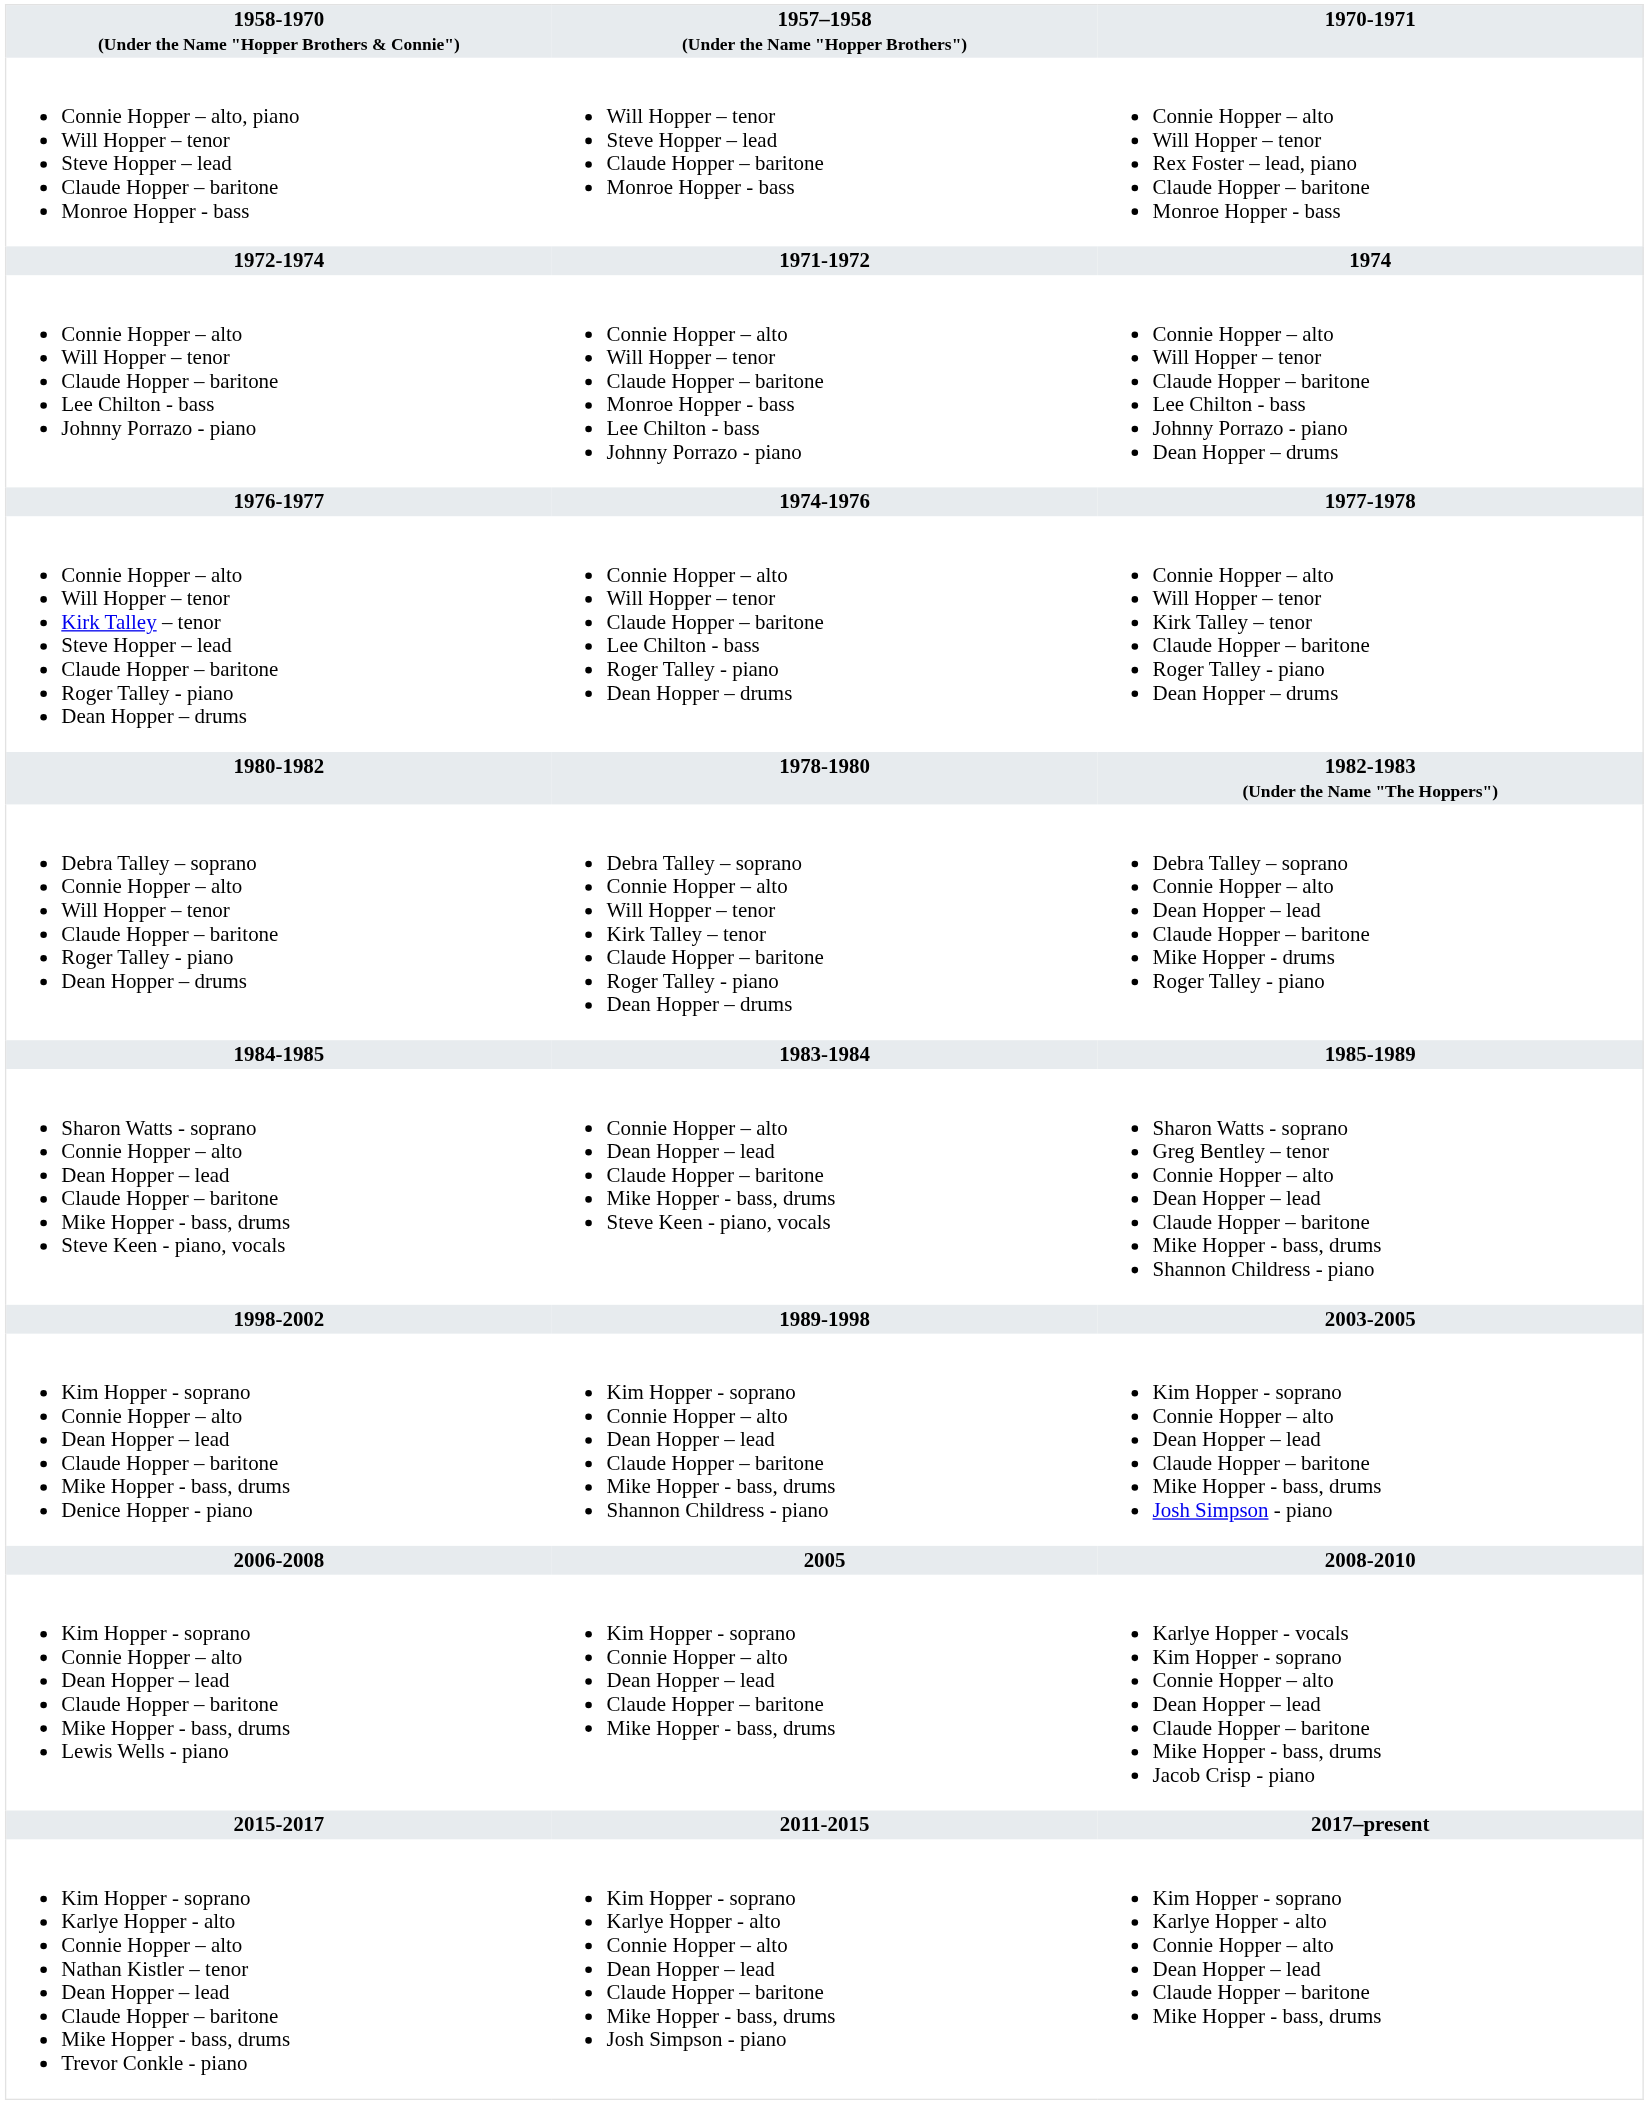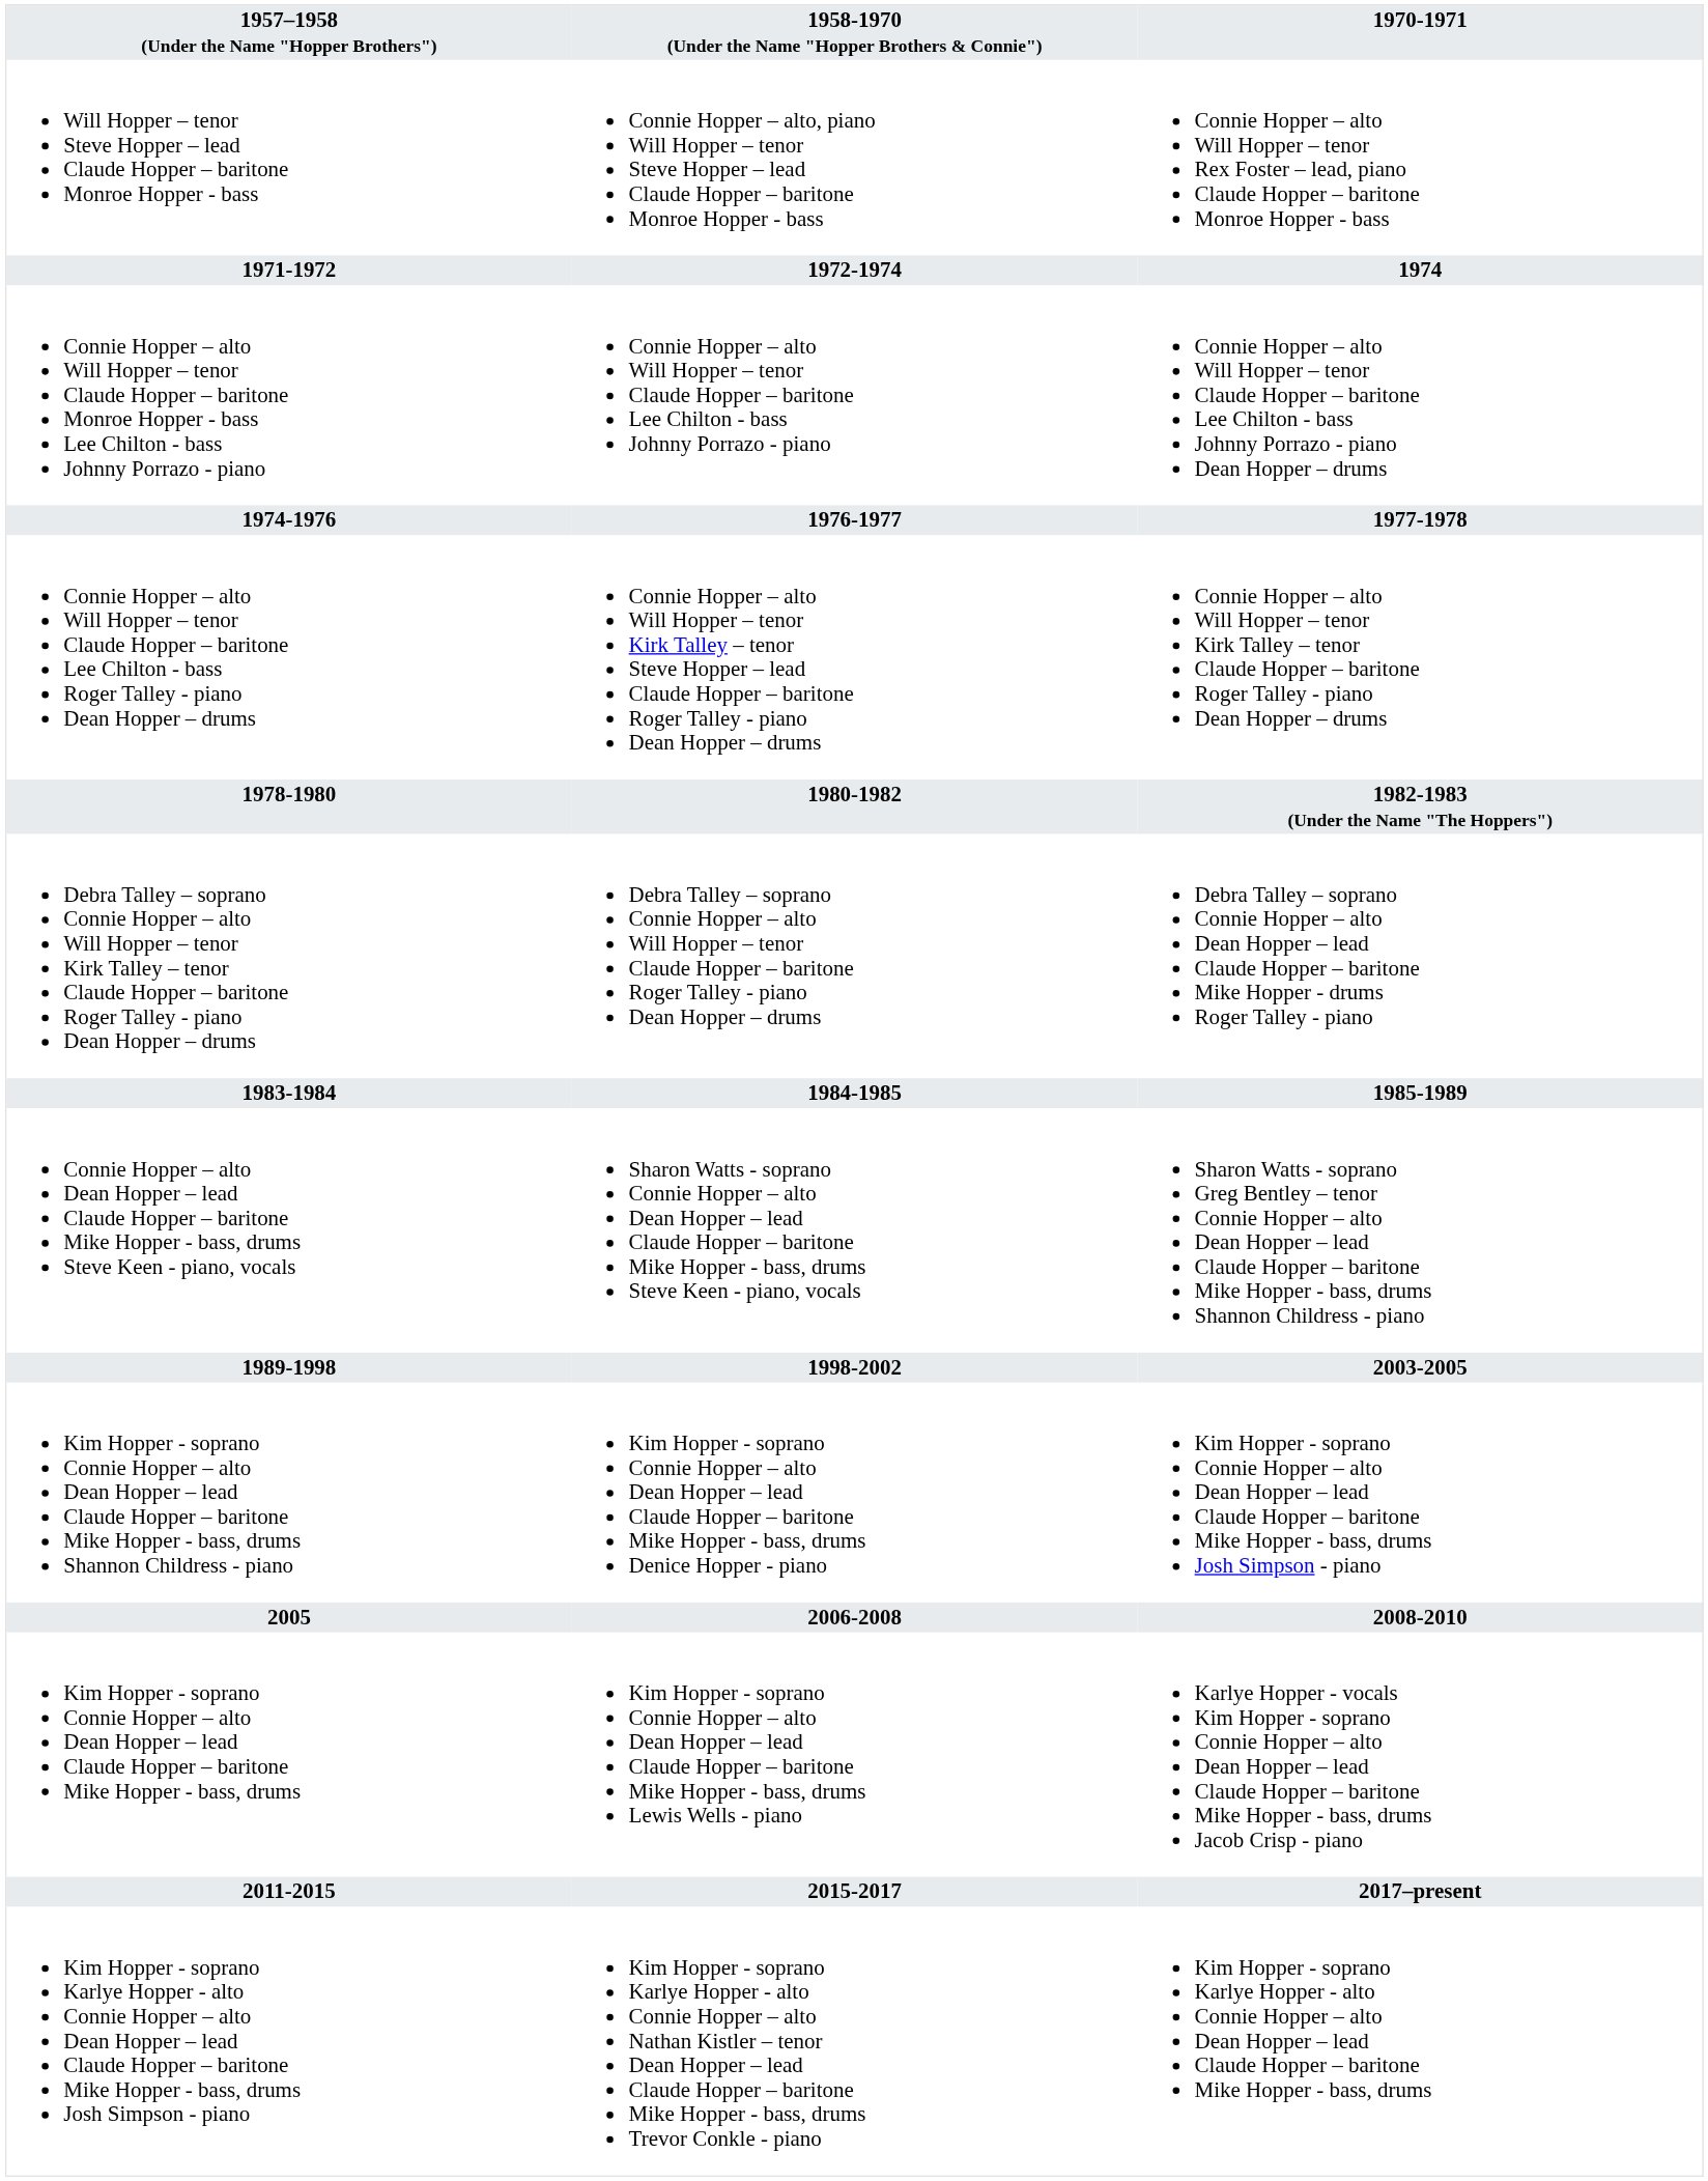 <table class="toccolours" cellspacing="0" cellpadding="2" style="float: width; margin: 0 0 1em 1em; border-collapse: collapse; border: 1px solid #E2E2E2; border:1; width:99%">
 <tr>
+<th width="25%" valign="top" bgcolor="#E7EBEE">1957–1958<br><small>(Under the Name "Hopper Brothers")</small></th>
 <th width="25%" valign="top" bgcolor="#E7EBEE">1958-1970<br><small>(Under the Name "Hopper Brothers & Connie")</small></th>
-<th width="25%" valign="top" bgcolor="#E7EBEE">1957–1958<br><small>(Under the Name "Hopper Brothers")</small></th>
 <th width="25%" valign="top" bgcolor="#E7EBEE">1970-1971</th>
 </tr>
 <tr>
+<td valign="top"><br><ul><li>Will Hopper – tenor</li><li>Steve Hopper – lead</li><li>Claude Hopper – baritone</li><li>Monroe Hopper - bass</li></ul></td>
 <td valign="top"><br><ul><li>Connie Hopper – alto, piano</li><li>Will Hopper – tenor</li><li>Steve Hopper – lead</li><li>Claude Hopper – baritone</li><li>Monroe Hopper - bass</li></ul></td>
-<td valign="top"><br><ul><li>Will Hopper – tenor</li><li>Steve Hopper – lead</li><li>Claude Hopper – baritone</li><li>Monroe Hopper - bass</li></ul></td>
 <td valign="top"><br><ul><li>Connie Hopper – alto</li><li>Will Hopper – tenor</li><li>Rex Foster – lead, piano</li><li>Claude Hopper – baritone</li><li>Monroe Hopper - bass</li></ul></td>
 </tr>
 <tr>
+<th bgcolor="#E7EBEE" width="25%" valign="top">1971-1972</th>
 <th bgcolor="#E7EBEE" width="25%" valign="top">1972-1974</th>
-<th bgcolor="#E7EBEE" width="25%" valign="top">1971-1972</th>
 <th bgcolor="#E7EBEE" width="25%" valign="top">1974</th>
 </tr>
 <tr>
+<td valign="top"><br><ul><li>Connie Hopper – alto</li><li>Will Hopper – tenor</li><li>Claude Hopper – baritone</li><li>Monroe Hopper - bass</li><li>Lee Chilton - bass</li><li>Johnny Porrazo - piano</li></ul></td>
 <td valign="top"><br><ul><li>Connie Hopper – alto</li><li>Will Hopper – tenor</li><li>Claude Hopper – baritone</li><li>Lee Chilton - bass</li><li>Johnny Porrazo - piano</li></ul></td>
-<td valign="top"><br><ul><li>Connie Hopper – alto</li><li>Will Hopper – tenor</li><li>Claude Hopper – baritone</li><li>Monroe Hopper - bass</li><li>Lee Chilton - bass</li><li>Johnny Porrazo - piano</li></ul></td>
 <td valign="top"><br><ul><li>Connie Hopper – alto</li><li>Will Hopper – tenor</li><li>Claude Hopper – baritone</li><li>Lee Chilton - bass</li><li>Johnny Porrazo - piano</li><li>Dean Hopper – drums</li></ul></td>
 </tr>
 <tr>
+<th bgcolor="#E7EBEE" width="25%" valign="top">1974-1976</th>
 <th bgcolor="#E7EBEE" width="25%" valign="top">1976-1977</th>
-<th bgcolor="#E7EBEE" width="25%" valign="top">1974-1976</th>
 <th bgcolor="#E7EBEE" width="25%" valign="top">1977-1978</th>
 </tr>
 <tr>
+<td valign="top"><br><ul><li>Connie Hopper – alto</li><li>Will Hopper – tenor</li><li>Claude Hopper – baritone</li><li>Lee Chilton - bass</li><li>Roger Talley - piano</li><li>Dean Hopper – drums</li></ul></td>
 <td valign="top"><br><ul><li>Connie Hopper – alto</li><li>Will Hopper – tenor</li><li><a href='#'>Kirk Talley</a>  – tenor</li><li>Steve Hopper – lead</li><li>Claude Hopper – baritone</li><li>Roger Talley - piano</li><li>Dean Hopper – drums</li></ul></td>
-<td valign="top"><br><ul><li>Connie Hopper – alto</li><li>Will Hopper – tenor</li><li>Claude Hopper – baritone</li><li>Lee Chilton - bass</li><li>Roger Talley - piano</li><li>Dean Hopper – drums</li></ul></td>
 <td valign="top"><br><ul><li>Connie Hopper – alto</li><li>Will Hopper – tenor</li><li>Kirk Talley  – tenor</li><li>Claude Hopper – baritone</li><li>Roger Talley - piano</li><li>Dean Hopper – drums</li></ul></td>
 </tr>
 <tr>
+<th bgcolor="#E7EBEE" width="25%" valign="top">1978-1980</th>
 <th bgcolor="#E7EBEE" width="25%" valign="top">1980-1982</th>
-<th bgcolor="#E7EBEE" width="25%" valign="top">1978-1980</th>
 <th bgcolor="#E7EBEE" width="25%" valign="top">1982-1983<br><small>(Under the Name "The Hoppers")</small></th>
 </tr>
 <tr>
+<td valign="top"><br><ul><li>Debra Talley – soprano</li><li>Connie Hopper – alto</li><li>Will Hopper – tenor</li><li>Kirk Talley  – tenor</li><li>Claude Hopper – baritone</li><li>Roger Talley - piano</li><li>Dean Hopper – drums</li></ul></td>
 <td valign="top"><br><ul><li>Debra Talley – soprano</li><li>Connie Hopper – alto</li><li>Will Hopper – tenor</li><li>Claude Hopper – baritone</li><li>Roger Talley - piano</li><li>Dean Hopper – drums</li></ul></td>
-<td valign="top"><br><ul><li>Debra Talley – soprano</li><li>Connie Hopper – alto</li><li>Will Hopper – tenor</li><li>Kirk Talley  – tenor</li><li>Claude Hopper – baritone</li><li>Roger Talley - piano</li><li>Dean Hopper – drums</li></ul></td>
 <td valign="top"><br><ul><li>Debra Talley – soprano</li><li>Connie Hopper – alto</li><li>Dean Hopper – lead</li><li>Claude Hopper – baritone</li><li>Mike Hopper - drums</li><li>Roger Talley - piano</li></ul></td>
 </tr>
 <tr>
+<th bgcolor="#E7EBEE" width="25%" valign="top">1983-1984</th>
 <th bgcolor="#E7EBEE" width="25%" valign="top">1984-1985</th>
-<th bgcolor="#E7EBEE" width="25%" valign="top">1983-1984</th>
 <th bgcolor="#E7EBEE" width="25%" valign="top">1985-1989</th>
 </tr>
 <tr>
+<td valign="top"><br><ul><li>Connie Hopper – alto</li><li>Dean Hopper – lead</li><li>Claude Hopper – baritone</li><li>Mike Hopper - bass, drums</li><li>Steve Keen - piano, vocals</li></ul></td>
 <td valign="top"><br><ul><li>Sharon Watts - soprano</li><li>Connie Hopper – alto</li><li>Dean Hopper – lead</li><li>Claude Hopper – baritone</li><li>Mike Hopper - bass, drums</li><li>Steve Keen - piano, vocals</li></ul></td>
-<td valign="top"><br><ul><li>Connie Hopper – alto</li><li>Dean Hopper – lead</li><li>Claude Hopper – baritone</li><li>Mike Hopper - bass, drums</li><li>Steve Keen - piano, vocals</li></ul></td>
 <td valign="top"><br><ul><li>Sharon Watts - soprano</li><li>Greg Bentley – tenor</li><li>Connie Hopper – alto</li><li>Dean Hopper – lead</li><li>Claude Hopper – baritone</li><li>Mike Hopper - bass, drums</li><li>Shannon Childress - piano</li></ul></td>
 </tr>
 <tr>
+<th bgcolor="#E7EBEE" width="25%" valign="top">1989-1998</th>
 <th bgcolor="#E7EBEE" width="25%" valign="top">1998-2002</th>
-<th bgcolor="#E7EBEE" width="25%" valign="top">1989-1998</th>
 <th bgcolor="#E7EBEE" width="25%" valign="top">2003-2005</th>
 </tr>
 <tr>
+<td valign="top"><br><ul><li>Kim Hopper - soprano</li><li>Connie Hopper – alto</li><li>Dean Hopper – lead</li><li>Claude Hopper – baritone</li><li>Mike Hopper - bass, drums</li><li>Shannon Childress - piano</li></ul></td>
 <td valign="top"><br><ul><li>Kim Hopper - soprano</li><li>Connie Hopper – alto</li><li>Dean Hopper – lead</li><li>Claude Hopper – baritone</li><li>Mike Hopper - bass, drums</li><li>Denice Hopper - piano</li></ul></td>
-<td valign="top"><br><ul><li>Kim Hopper - soprano</li><li>Connie Hopper – alto</li><li>Dean Hopper – lead</li><li>Claude Hopper – baritone</li><li>Mike Hopper - bass, drums</li><li>Shannon Childress - piano</li></ul></td>
 <td valign="top"><br><ul><li>Kim Hopper - soprano</li><li>Connie Hopper – alto</li><li>Dean Hopper – lead</li><li>Claude Hopper – baritone</li><li>Mike Hopper - bass, drums</li><li><a href='#'>Josh Simpson</a> - piano</li></ul></td>
 </tr>
 <tr>
+<th bgcolor="#E7EBEE" width="25%" valign="top">2005</th>
 <th bgcolor="#E7EBEE" width="25%" valign="top">2006-2008</th>
-<th bgcolor="#E7EBEE" width="25%" valign="top">2005</th>
 <th bgcolor="#E7EBEE" width="25%" valign="top">2008-2010</th>
 </tr>
 <tr>
+<td valign="top"><br><ul><li>Kim Hopper - soprano</li><li>Connie Hopper – alto</li><li>Dean Hopper – lead</li><li>Claude Hopper – baritone</li><li>Mike Hopper - bass, drums</li></ul></td>
 <td valign="top"><br><ul><li>Kim Hopper - soprano</li><li>Connie Hopper – alto</li><li>Dean Hopper – lead</li><li>Claude Hopper – baritone</li><li>Mike Hopper - bass, drums</li><li>Lewis Wells - piano</li></ul></td>
-<td valign="top"><br><ul><li>Kim Hopper - soprano</li><li>Connie Hopper – alto</li><li>Dean Hopper – lead</li><li>Claude Hopper – baritone</li><li>Mike Hopper - bass, drums</li></ul></td>
 <td valign="top"><br><ul><li>Karlye Hopper - vocals</li><li>Kim Hopper - soprano</li><li>Connie Hopper – alto</li><li>Dean Hopper – lead</li><li>Claude Hopper – baritone</li><li>Mike Hopper - bass, drums</li><li>Jacob Crisp - piano</li></ul></td>
 </tr>
 <tr>
+<th bgcolor="#E7EBEE" width="25%" valign="top">2011-2015</th>
 <th bgcolor="#E7EBEE" width="25%" valign="top">2015-2017</th>
-<th bgcolor="#E7EBEE" width="25%" valign="top">2011-2015</th>
 <th bgcolor="#E7EBEE" width="25%" valign="top">2017–present</th>
 </tr>
 <tr>
+<td valign="top"><br><ul><li>Kim Hopper - soprano</li><li>Karlye Hopper - alto</li><li>Connie Hopper – alto</li><li>Dean Hopper – lead</li><li>Claude Hopper – baritone</li><li>Mike Hopper - bass, drums</li><li>Josh Simpson - piano</li></ul></td>
 <td valign="top"><br><ul><li>Kim Hopper - soprano</li><li>Karlye Hopper - alto</li><li>Connie Hopper – alto</li><li>Nathan Kistler – tenor</li><li>Dean Hopper – lead</li><li>Claude Hopper – baritone</li><li>Mike Hopper - bass, drums</li><li>Trevor Conkle - piano</li></ul></td>
-<td valign="top"><br><ul><li>Kim Hopper - soprano</li><li>Karlye Hopper - alto</li><li>Connie Hopper – alto</li><li>Dean Hopper – lead</li><li>Claude Hopper – baritone</li><li>Mike Hopper - bass, drums</li><li>Josh Simpson - piano</li></ul></td>
 <td valign="top"><br><ul><li>Kim Hopper - soprano</li><li>Karlye Hopper - alto</li><li>Connie Hopper – alto</li><li>Dean Hopper – lead</li><li>Claude Hopper – baritone</li><li>Mike Hopper - bass, drums</li></ul></td>
 </tr>
 </table>
